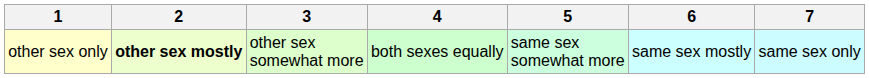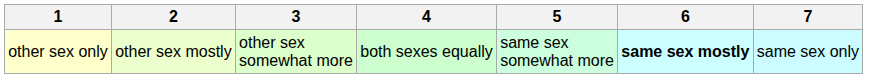 <table class="wikitable" table-layout:fixed; text-align:center">
 <tr>
 <th scope="col">1</th>
 <th scope="col">2</th>
 <th scope="col">3</th>
 <th scope="col">4</th>
 <th scope="col">5</th>
 <th scope="col">6</th>
 <th scope="col">7</th>
 </tr>
 <tr>
 <td style="background-color:#ffc">other sex only</td>
-<td style="background-color:#edffcc"><strong>other sex mostly</strong></td>
+<td style="background-color:#edffcc">other sex mostly</td>
 <td style="background-color:#dcffcc">other sex<br>somewhat more</td>
 <td style="background-color:#ccffcd">both sexes equally</td>
 <td style="background-color:#ccffde">same sex<br>somewhat more</td>
-<td style="background-color:#cff">same sex mostly</td>
+<td style="background-color:#cff"><strong>same sex mostly</strong></td>
 <td style="background-color:#ccfcff">same sex only</td>
 </tr>
 <tr>
 </tr>
 </table>
